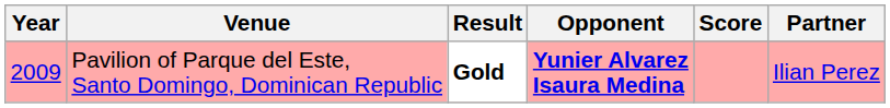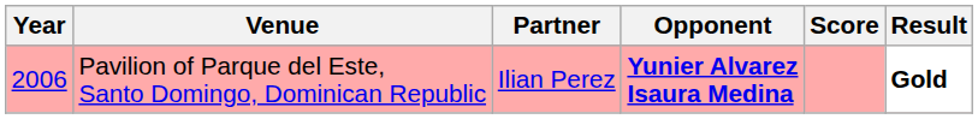 <table class="sortable wikitable" style="font-size: 90%;">
 <tr>
 <th>Year</th>
 <th>Venue</th>
-<th>Result</th>
+<th>Partner</th>
 <th>Opponent</th>
 <th>Score</th>
-<th>Partner</th>
+<th>Result</th>
 </tr>
 <tr style="background:#FFAAAA">
-<td align="center"><a href='#'>2009</a></td>
+<td align="center"><a href='#'>2006</a></td>
 <td align="left">Pavilion of Parque del Este,<br><a href='#'>Santo Domingo, Dominican Republic</a></td>
-<td style="text-align:left; background:white"> <strong>Gold</strong></td>
+<td align="left"> <a href='#'>Ilian Perez</a></td>
 <td align="left"><strong> <a href='#'>Yunier Alvarez</a> <br>  <a href='#'>Isaura Medina</a></strong></td>
 <td align="left"></td>
-<td align="left"> <a href='#'>Ilian Perez</a></td>
+<td style="text-align:left; background:white"> <strong>Gold</strong></td>
 </tr>
 </table>
